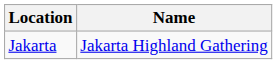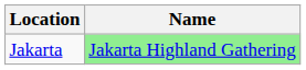 <table class="wikitable">
 <tr>
 <th>Location</th>
 <th>Name</th>
 </tr>
 <tr>
 <td><a href='#'>Jakarta</a></td>
-<td><a href='#'>Jakarta Highland Gathering</a></td>
+<td style="background: lightgreen;"><a href='#'>Jakarta Highland Gathering</a></td>
 </tr>
 </table>
